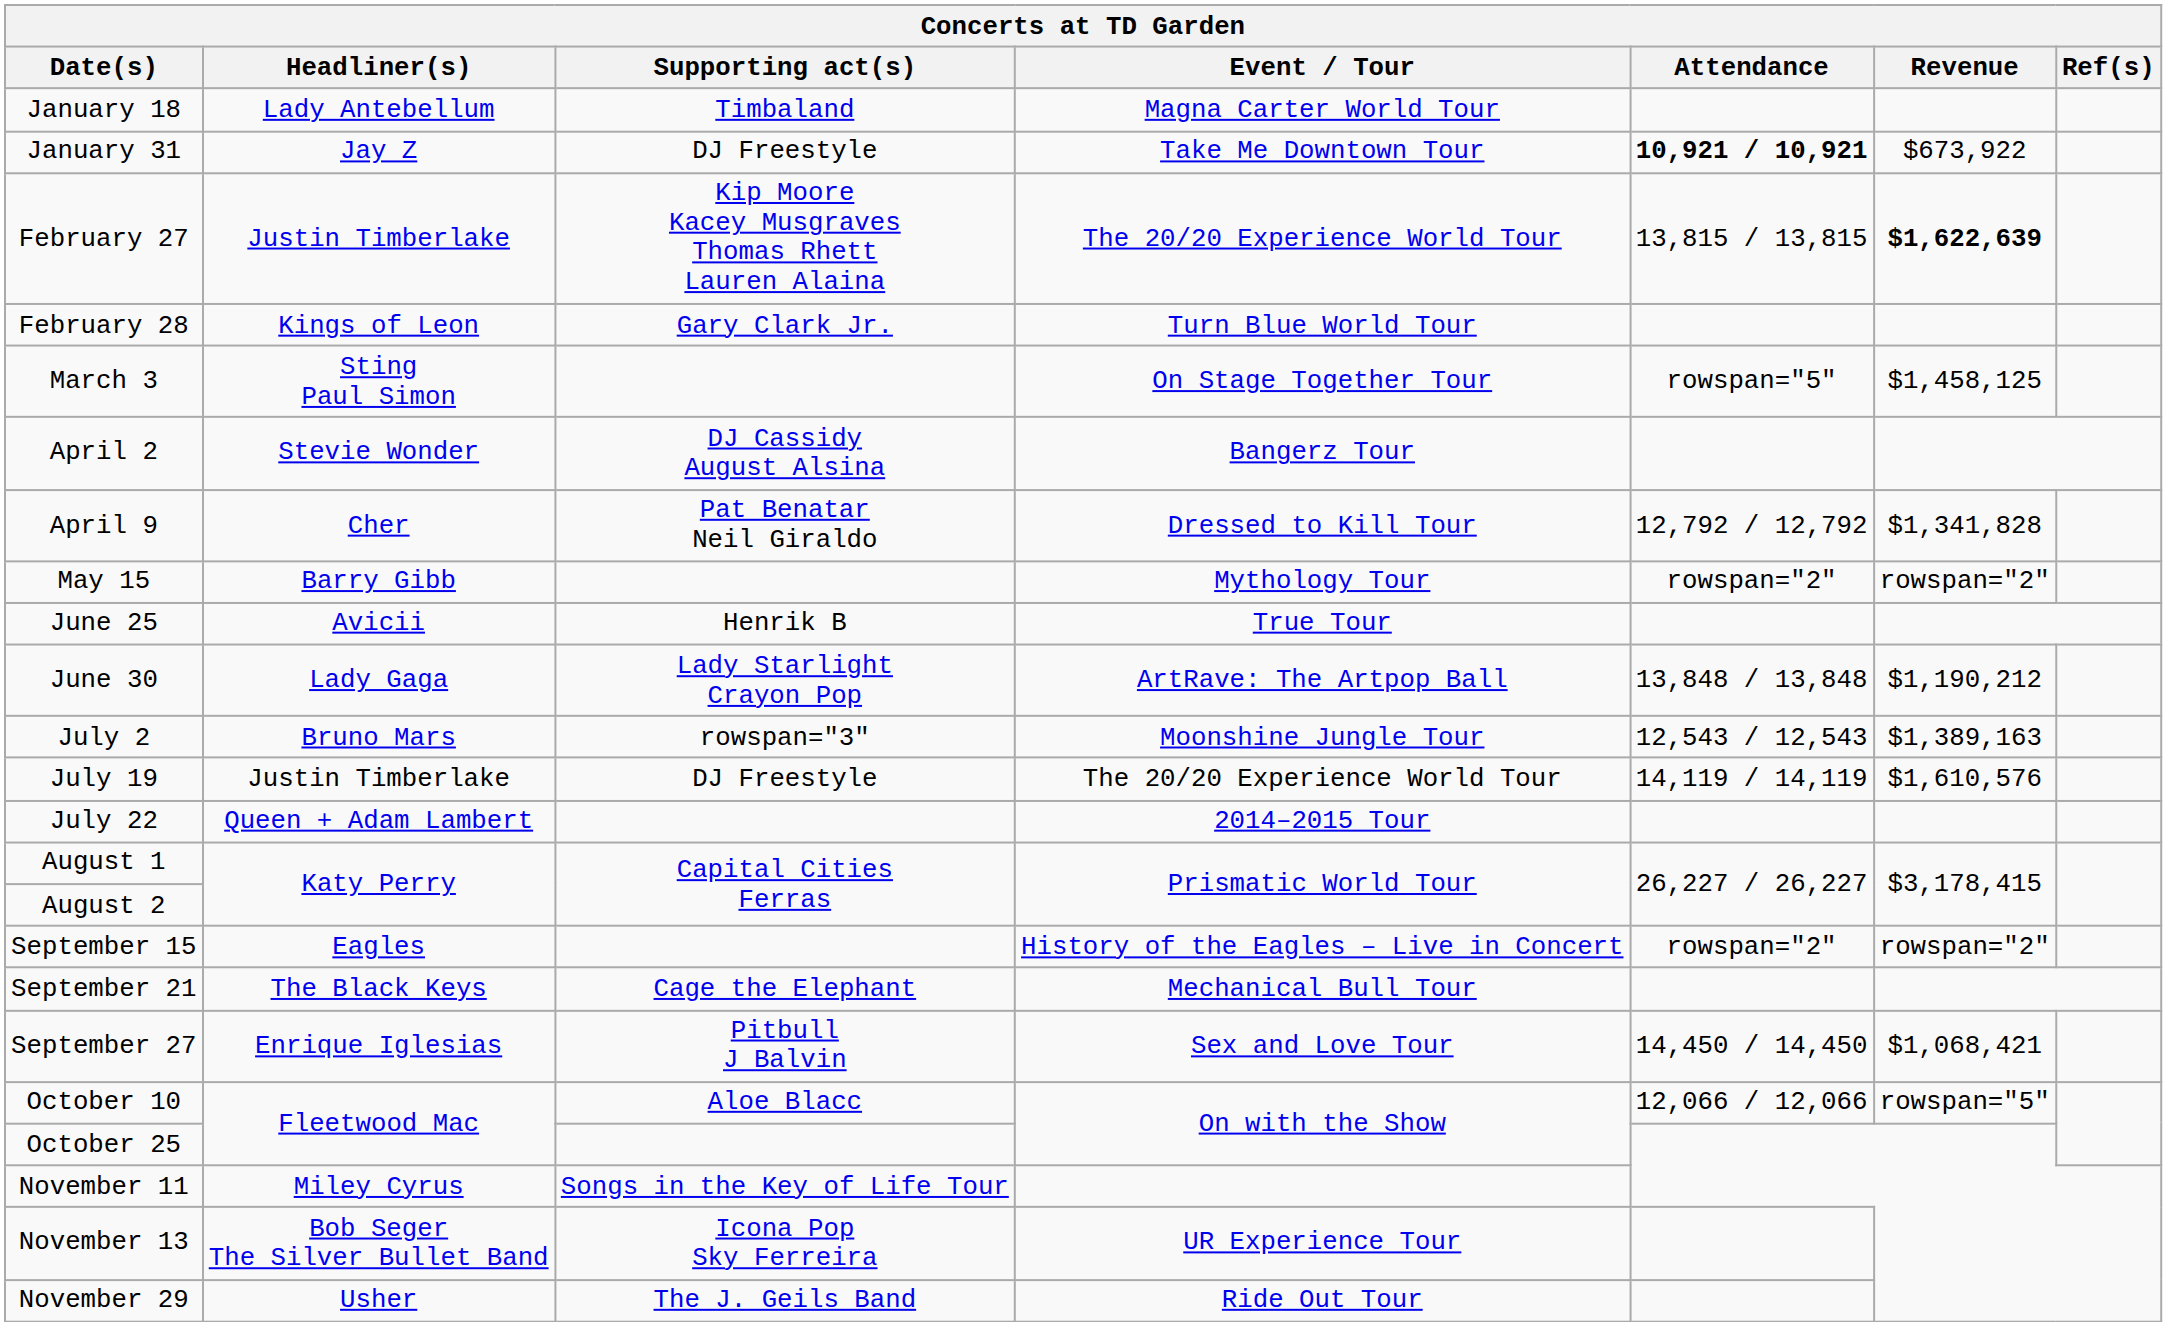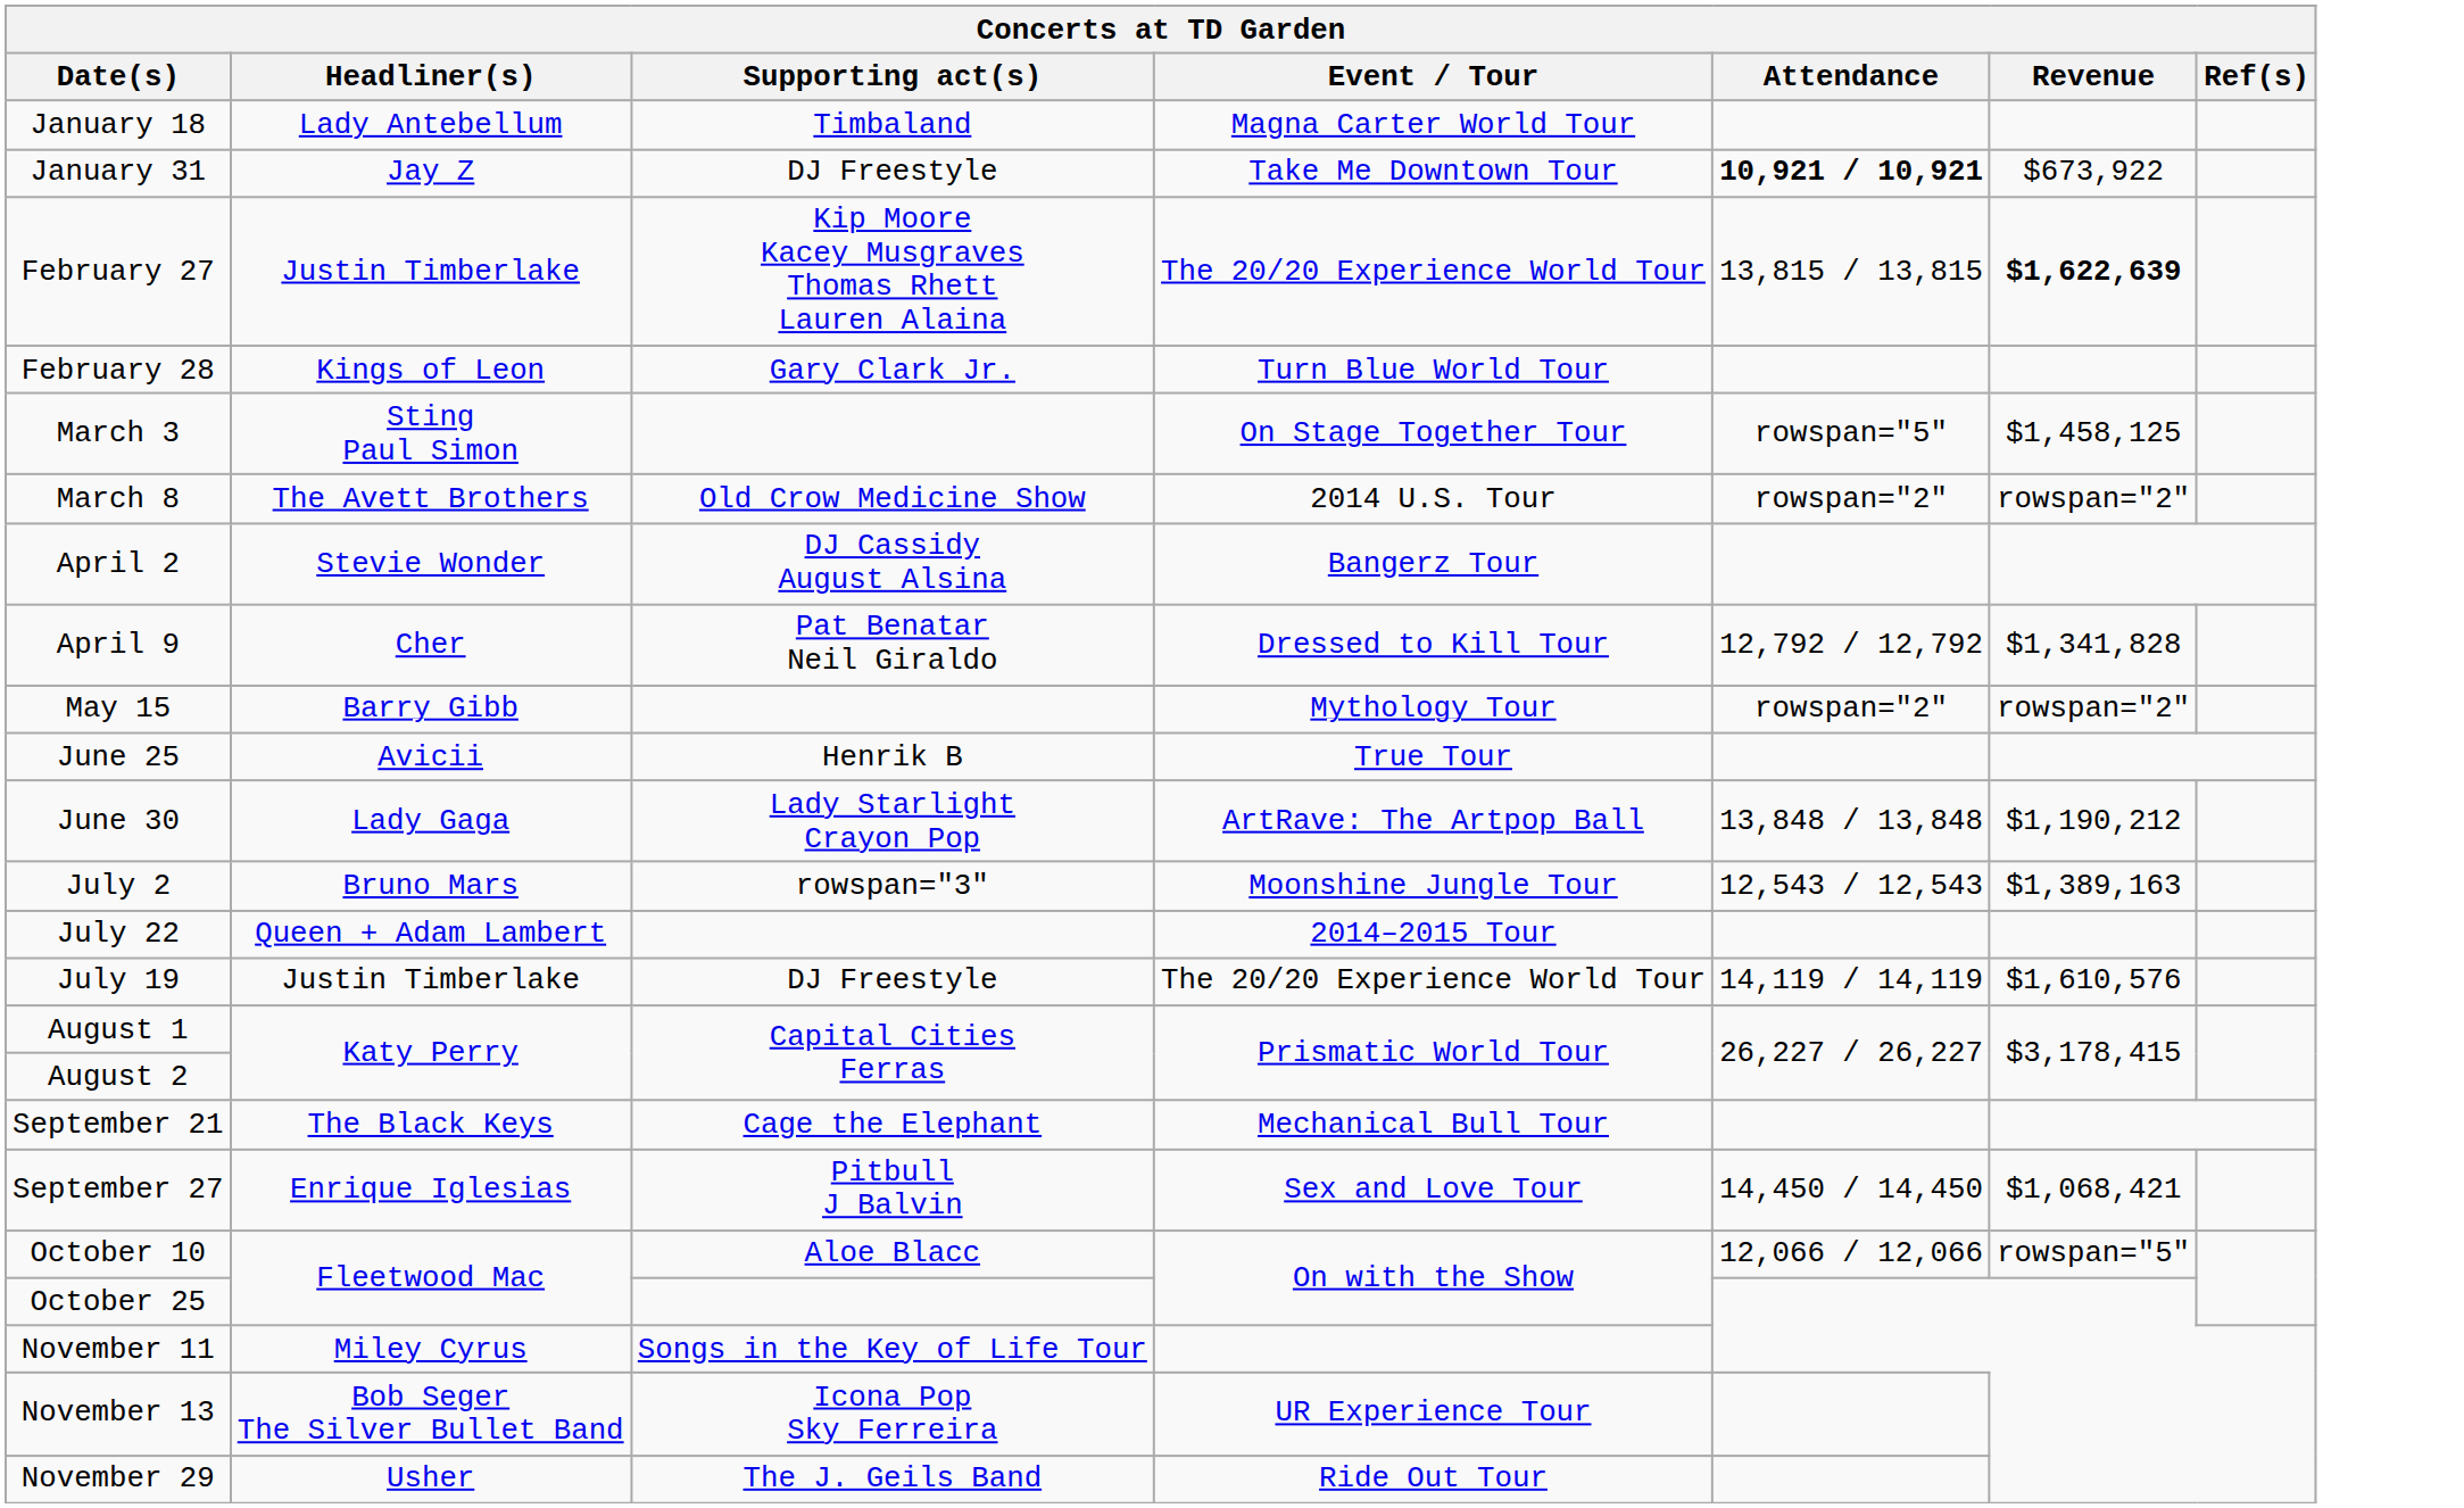 <table class="wikitable mw-collapsible mw-collapsed" style="text-align:center;">
 <tr>
 <th colspan="7">Concerts at TD Garden</th>
 </tr>
 <tr>
 <th>Date(s)</th>
 <th>Headliner(s)</th>
 <th>Supporting act(s)</th>
 <th>Event / Tour</th>
 <th>Attendance</th>
 <th>Revenue</th>
 <th>Ref(s)</th>
 </tr>
 <tr>
 <td>January 18</td>
 <td><a href='#'>Lady Antebellum</a></td>
 <td><a href='#'>Timbaland</a></td>
 <td><a href='#'>Magna Carter World Tour</a></td>
 <td></td>
 <td></td>
 <td></td>
 </tr>
 <tr>
 <td>January 31</td>
 <td><a href='#'>Jay Z</a></td>
 <td>DJ Freestyle</td>
 <td><a href='#'>Take Me Downtown Tour</a></td>
 <td><strong>10,921 / 10,921</strong></td>
 <td>$673,922</td>
 <td></td>
 </tr>
 <tr>
 <td>February 27</td>
 <td><a href='#'>Justin Timberlake</a></td>
 <td><a href='#'>Kip Moore</a><br><a href='#'>Kacey Musgraves</a><br><a href='#'>Thomas Rhett</a><br><a href='#'>Lauren Alaina</a></td>
 <td><a href='#'>The 20/20 Experience World Tour</a></td>
 <td>13,815 / 13,815</td>
 <td><strong>$1,622,639</strong></td>
 <td></td>
 </tr>
 <tr>
 <td>February 28</td>
 <td><a href='#'>Kings of Leon</a></td>
 <td><a href='#'>Gary Clark Jr.</a></td>
 <td><a href='#'>Turn Blue World Tour</a></td>
 <td></td>
 <td></td>
 <td></td>
 </tr>
 <tr>
 <td>March 3</td>
 <td><a href='#'>Sting</a><br><a href='#'>Paul Simon</a></td>
 <td></td>
 <td><a href='#'>On Stage Together Tour</a></td>
 <td>rowspan="5" </td>
 <td>$1,458,125</td>
 <td></td>
 </tr>
 <tr>
+<td>March 8</td>
+<td><a href='#'>The Avett Brothers</a></td>
+<td><a href='#'>Old Crow Medicine Show</a></td>
+<td>2014 U.S. Tour</td>
+<td>rowspan="2" </td>
+<td>rowspan="2" </td>
+<td></td>
+</tr>
+<tr>
 <td>April 2</td>
 <td><a href='#'>Stevie Wonder</a></td>
 <td><a href='#'>DJ Cassidy</a><br><a href='#'>August Alsina</a></td>
 <td><a href='#'>Bangerz Tour</a></td>
 <td></td>
 </tr>
 <tr>
 <td>April 9</td>
 <td><a href='#'>Cher</a></td>
 <td><a href='#'>Pat Benatar</a><br>Neil Giraldo</td>
 <td><a href='#'>Dressed to Kill Tour</a></td>
 <td>12,792 / 12,792</td>
 <td>$1,341,828</td>
 <td></td>
 </tr>
 <tr>
 <td>May 15</td>
 <td><a href='#'>Barry Gibb</a></td>
 <td></td>
 <td><a href='#'>Mythology Tour</a></td>
 <td>rowspan="2" </td>
 <td>rowspan="2" </td>
 <td></td>
 </tr>
 <tr>
 <td>June 25</td>
 <td><a href='#'>Avicii</a></td>
 <td>Henrik B</td>
 <td><a href='#'>True Tour</a></td>
 <td></td>
 </tr>
 <tr>
 <td>June 30</td>
 <td><a href='#'>Lady Gaga</a></td>
 <td><a href='#'>Lady Starlight</a><br><a href='#'>Crayon Pop</a></td>
 <td><a href='#'>ArtRave: The Artpop Ball</a></td>
 <td>13,848 / 13,848</td>
 <td>$1,190,212</td>
 <td></td>
 </tr>
 <tr>
 <td>July 2</td>
 <td><a href='#'>Bruno Mars</a></td>
 <td>rowspan="3" </td>
 <td><a href='#'>Moonshine Jungle Tour</a></td>
 <td>12,543 / 12,543</td>
 <td>$1,389,163</td>
 <td></td>
 </tr>
 <tr>
+<td>July 22</td>
+<td><a href='#'>Queen + Adam Lambert</a></td>
+<td></td>
+<td><a href='#'>2014–2015 Tour</a></td>
+<td></td>
+<td></td>
+<td></td>
+</tr>
+<tr>
 <td>July 19</td>
 <td>Justin Timberlake</td>
 <td>DJ Freestyle</td>
 <td>The 20/20 Experience World Tour</td>
 <td>14,119 / 14,119</td>
 <td>$1,610,576</td>
-<td></td>
-</tr>
-<tr>
-<td>July 22</td>
-<td><a href='#'>Queen + Adam Lambert</a></td>
-<td></td>
-<td><a href='#'>2014–2015 Tour</a></td>
-<td></td>
-<td></td>
 <td></td>
 </tr>
 <tr>
 <td>August 1</td>
 <td rowspan="2"><a href='#'>Katy Perry</a></td>
 <td rowspan="2"><a href='#'>Capital Cities</a><br><a href='#'>Ferras</a></td>
 <td rowspan="2"><a href='#'>Prismatic World Tour</a></td>
 <td rowspan="2">26,227 / 26,227</td>
 <td rowspan="2">$3,178,415</td>
 <td rowspan="2"></td>
 </tr>
 <tr>
 <td>August 2</td>
-</tr>
-<tr>
-<td>September 15</td>
-<td><a href='#'>Eagles</a></td>
-<td></td>
-<td><a href='#'>History of the Eagles – Live in Concert</a></td>
-<td>rowspan="2" </td>
-<td>rowspan="2" </td>
-<td></td>
 </tr>
 <tr>
 <td>September 21</td>
 <td><a href='#'>The Black Keys</a></td>
 <td><a href='#'>Cage the Elephant</a></td>
 <td><a href='#'>Mechanical Bull Tour</a></td>
 <td></td>
 </tr>
 <tr>
 <td>September 27</td>
 <td><a href='#'>Enrique Iglesias</a></td>
 <td><a href='#'>Pitbull</a><br><a href='#'>J Balvin</a></td>
 <td><a href='#'>Sex and Love Tour</a></td>
 <td>14,450 / 14,450</td>
 <td>$1,068,421</td>
 <td></td>
 </tr>
 <tr>
 <td>October 10</td>
 <td rowspan="2"><a href='#'>Fleetwood Mac</a></td>
 <td><a href='#'>Aloe Blacc</a></td>
 <td rowspan="2"><a href='#'>On with the Show</a></td>
 <td>12,066 / 12,066</td>
 <td>rowspan="5" </td>
 <td rowspan="2"></td>
 </tr>
 <tr>
 <td>October 25</td>
 </tr>
 <tr>
 <td>November 11</td>
 <td><a href='#'>Miley Cyrus</a></td>
 <td><a href='#'>Songs in the Key of Life Tour</a></td>
 <td></td>
 </tr>
 <tr>
 <td>November 13</td>
 <td><a href='#'>Bob Seger</a><br><a href='#'>The Silver Bullet Band</a></td>
 <td><a href='#'>Icona Pop</a><br><a href='#'>Sky Ferreira</a></td>
 <td><a href='#'>UR Experience Tour</a></td>
 <td></td>
 </tr>
 <tr>
 <td>November 29</td>
 <td><a href='#'>Usher</a></td>
 <td><a href='#'>The J. Geils Band</a></td>
 <td><a href='#'>Ride Out Tour</a></td>
 <td></td>
 </tr>
 </table>
